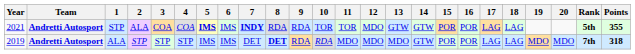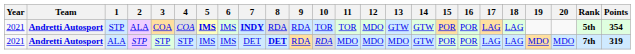 <table class="wikitable" style="text-align:center; font-size:90%">
 <tr>
 <th>Year</th>
 <th>Team</th>
 <th>1</th>
 <th>2</th>
 <th>3</th>
 <th>4</th>
 <th>5</th>
 <th>6</th>
 <th>7</th>
 <th>8</th>
 <th>9</th>
 <th>10</th>
 <th>11</th>
 <th>12</th>
 <th>13</th>
 <th>14</th>
 <th>15</th>
 <th>16</th>
 <th>17</th>
 <th>18</th>
 <th>19</th>
 <th>20</th>
 <th>Rank</th>
 <th>Points</th>
 </tr>
 <tr>
 <td><a href='#'>2021</a></td>
 <th><a href='#'>Andretti Autosport</a></th>
 <td style="background:#CFEAFF;"><a href='#'>STP</a><br></td>
 <td style="background:#EFCFFF;"><a href='#'>ALA</a><br></td>
 <td style="background:#FFDF9F;"><a href='#'>COA</a><br></td>
 <td style="background:#DFDFDF;"><em><a href='#'>COA</a></em><br></td>
 <td style="background:#FFFFBF;"><strong><a href='#'>IMS</a></strong><br></td>
 <td style="background:#DFFFDF;"><a href='#'>IMS</a><br></td>
 <td style="background:#CFEAFF;"><strong><a href='#'>INDY</a></strong><br></td>
 <td style="background:#DFDFDF;"><a href='#'>RDA</a><br></td>
 <td style="background:#CFEAFF;"><a href='#'>RDA</a><br></td>
 <td style="background:#CFEAFF;"><a href='#'>TOR</a><br></td>
 <td style="background:#DFFFDF;"><a href='#'>TOR</a><br></td>
 <td style="background:#DFFFDF;"><a href='#'>MDO</a><br></td>
 <td style="background:#CFEAFF;"><a href='#'>GTW</a><br></td>
 <td style="background:#DFFFDF;"><a href='#'>GTW</a><br></td>
 <td style="background:#FFDF9F;"><a href='#'>POR</a><br></td>
 <td style="background:#DFFFDF;"><a href='#'>POR</a><br></td>
 <td style="background:#FFDF9F;"><a href='#'>LAG</a><br></td>
 <td style="background:#DFFFDF;"><a href='#'>LAG</a><br></td>
 <td></td>
 <td></td>
 <th style="background:#DFFFDF;">5th</th>
-<th style="background:#DFFFDF;">355</th>
+<th style="background:#DFFFDF;">354</th>
 </tr>
 <tr>
-<td><a href='#'>2019</a></td>
+<td><a href='#'>2021</a></td>
 <th><a href='#'>Andretti Autosport</a></th>
 <td style="background:#CFEAFF;"><a href='#'>ALA</a><br></td>
 <td style="background:#EFCFFF;"><em><a href='#'>STP</a></em><br></td>
 <td style="background:#DFFFDF;"><a href='#'>STP</a><br></td>
 <td style="background:#CFEAFF;"><a href='#'>STP</a><br></td>
 <td style="background:#CFEAFF;"><a href='#'>IMS</a><br></td>
 <td style="background:#CFEAFF;"><a href='#'>IMS</a><br></td>
 <td style="background:#CFEAFF;"><a href='#'>DET</a><br></td>
 <td style="background:#CFEAFF;"><strong><a href='#'>DET</a><br></strong></td>
 <td style="background:#FFDF9F;"><a href='#'>RDA</a><br></td>
 <td style="background:#DFDFDF;"><em><a href='#'>RDA</a></em><br></td>
 <td style="background:#CFEAFF;"><a href='#'>MDO</a><br></td>
 <td style="background:#CFEAFF;"><a href='#'>MDO</a><br></td>
 <td style="background:#CFEAFF;"><a href='#'>MDO</a><br></td>
 <td style="background:#CFEAFF;"><a href='#'>GTW</a><br></td>
 <td style="background:#DFFFDF;"><a href='#'>POR</a><br></td>
 <td style="background:#DFFFDF;"><a href='#'>POR</a><br></td>
 <td style="background:#CFEAFF;"><a href='#'>LAG</a><br></td>
 <td style="background:#CFEAFF;"><a href='#'>LAG</a><br></td>
 <td style="background:#FFDF9F;"><a href='#'>MDO</a><br></td>
 <td style="background:#CFEAFF;"><a href='#'>MDO</a><br></td>
 <th style="background:#CFEAFF;">7th</th>
-<th style="background:#CFEAFF;">318</th>
+<th style="background:#CFEAFF;">319</th>
 </tr>
 </table>
